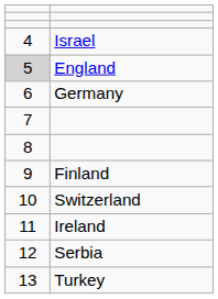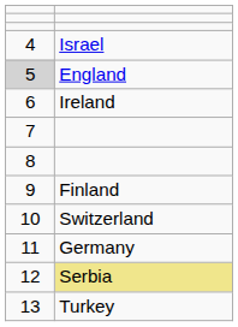 <table class="wikitable" style="width:200px;">
 <tr>
 <td align=center></td>
 <td></td>
 </tr>
 <tr>
 <td align=center></td>
 <td></td>
 </tr>
 <tr>
 <td align=center></td>
 <td></td>
 </tr>
 <tr>
 <td align=center>4</td>
 <td> <a href='#'>Israel</a></td>
 </tr>
 <tr>
 <td align=center style="background: lightgrey;">5</td>
 <td> <a href='#'>England</a></td>
 </tr>
 <tr>
 <td align=center>6</td>
-<td> Germany</td>
+<td> Ireland</td>
 </tr>
 <tr>
 <td align=center>7</td>
 <td></td>
 </tr>
 <tr>
 <td align=center>8</td>
 <td></td>
 </tr>
 <tr>
 <td align=center>9</td>
 <td> Finland</td>
 </tr>
 <tr>
 <td align=center>10</td>
 <td> Switzerland</td>
 </tr>
 <tr>
 <td align=center>11</td>
-<td> Ireland</td>
+<td> Germany</td>
 </tr>
 <tr>
 <td align=center>12</td>
-<td> Serbia</td>
+<td style="background: khaki;"> Serbia</td>
 </tr>
 <tr>
 <td align=center>13</td>
 <td> Turkey</td>
 </tr>
 </table>
